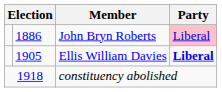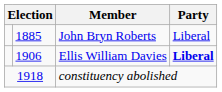 <table class="wikitable">
 <tr>
 <th colspan="2">Election</th>
 <th>Member</th>
 <th>Party</th>
 </tr>
 <tr>
 <td style="color:inherit;background-color: "></td>
-<td><a href='#'>1886</a></td>
+<td><a href='#'>1885</a></td>
 <td><a href='#'>John Bryn Roberts</a></td>
-<td style="background: pink;"><a href='#'>Liberal</a></td>
+<td><a href='#'>Liberal</a></td>
 </tr>
 <tr>
 <td style="color:inherit;background-color: "></td>
-<td><a href='#'>1905</a></td>
+<td><a href='#'>1906</a></td>
 <td><a href='#'>Ellis William Davies</a></td>
 <td><strong><a href='#'>Liberal</a></strong></td>
 </tr>
 <tr>
 <td colspan="2" align="center"><a href='#'>1918</a></td>
 <td colspan="2"><em>constituency abolished</em></td>
 </tr>
 </table>
